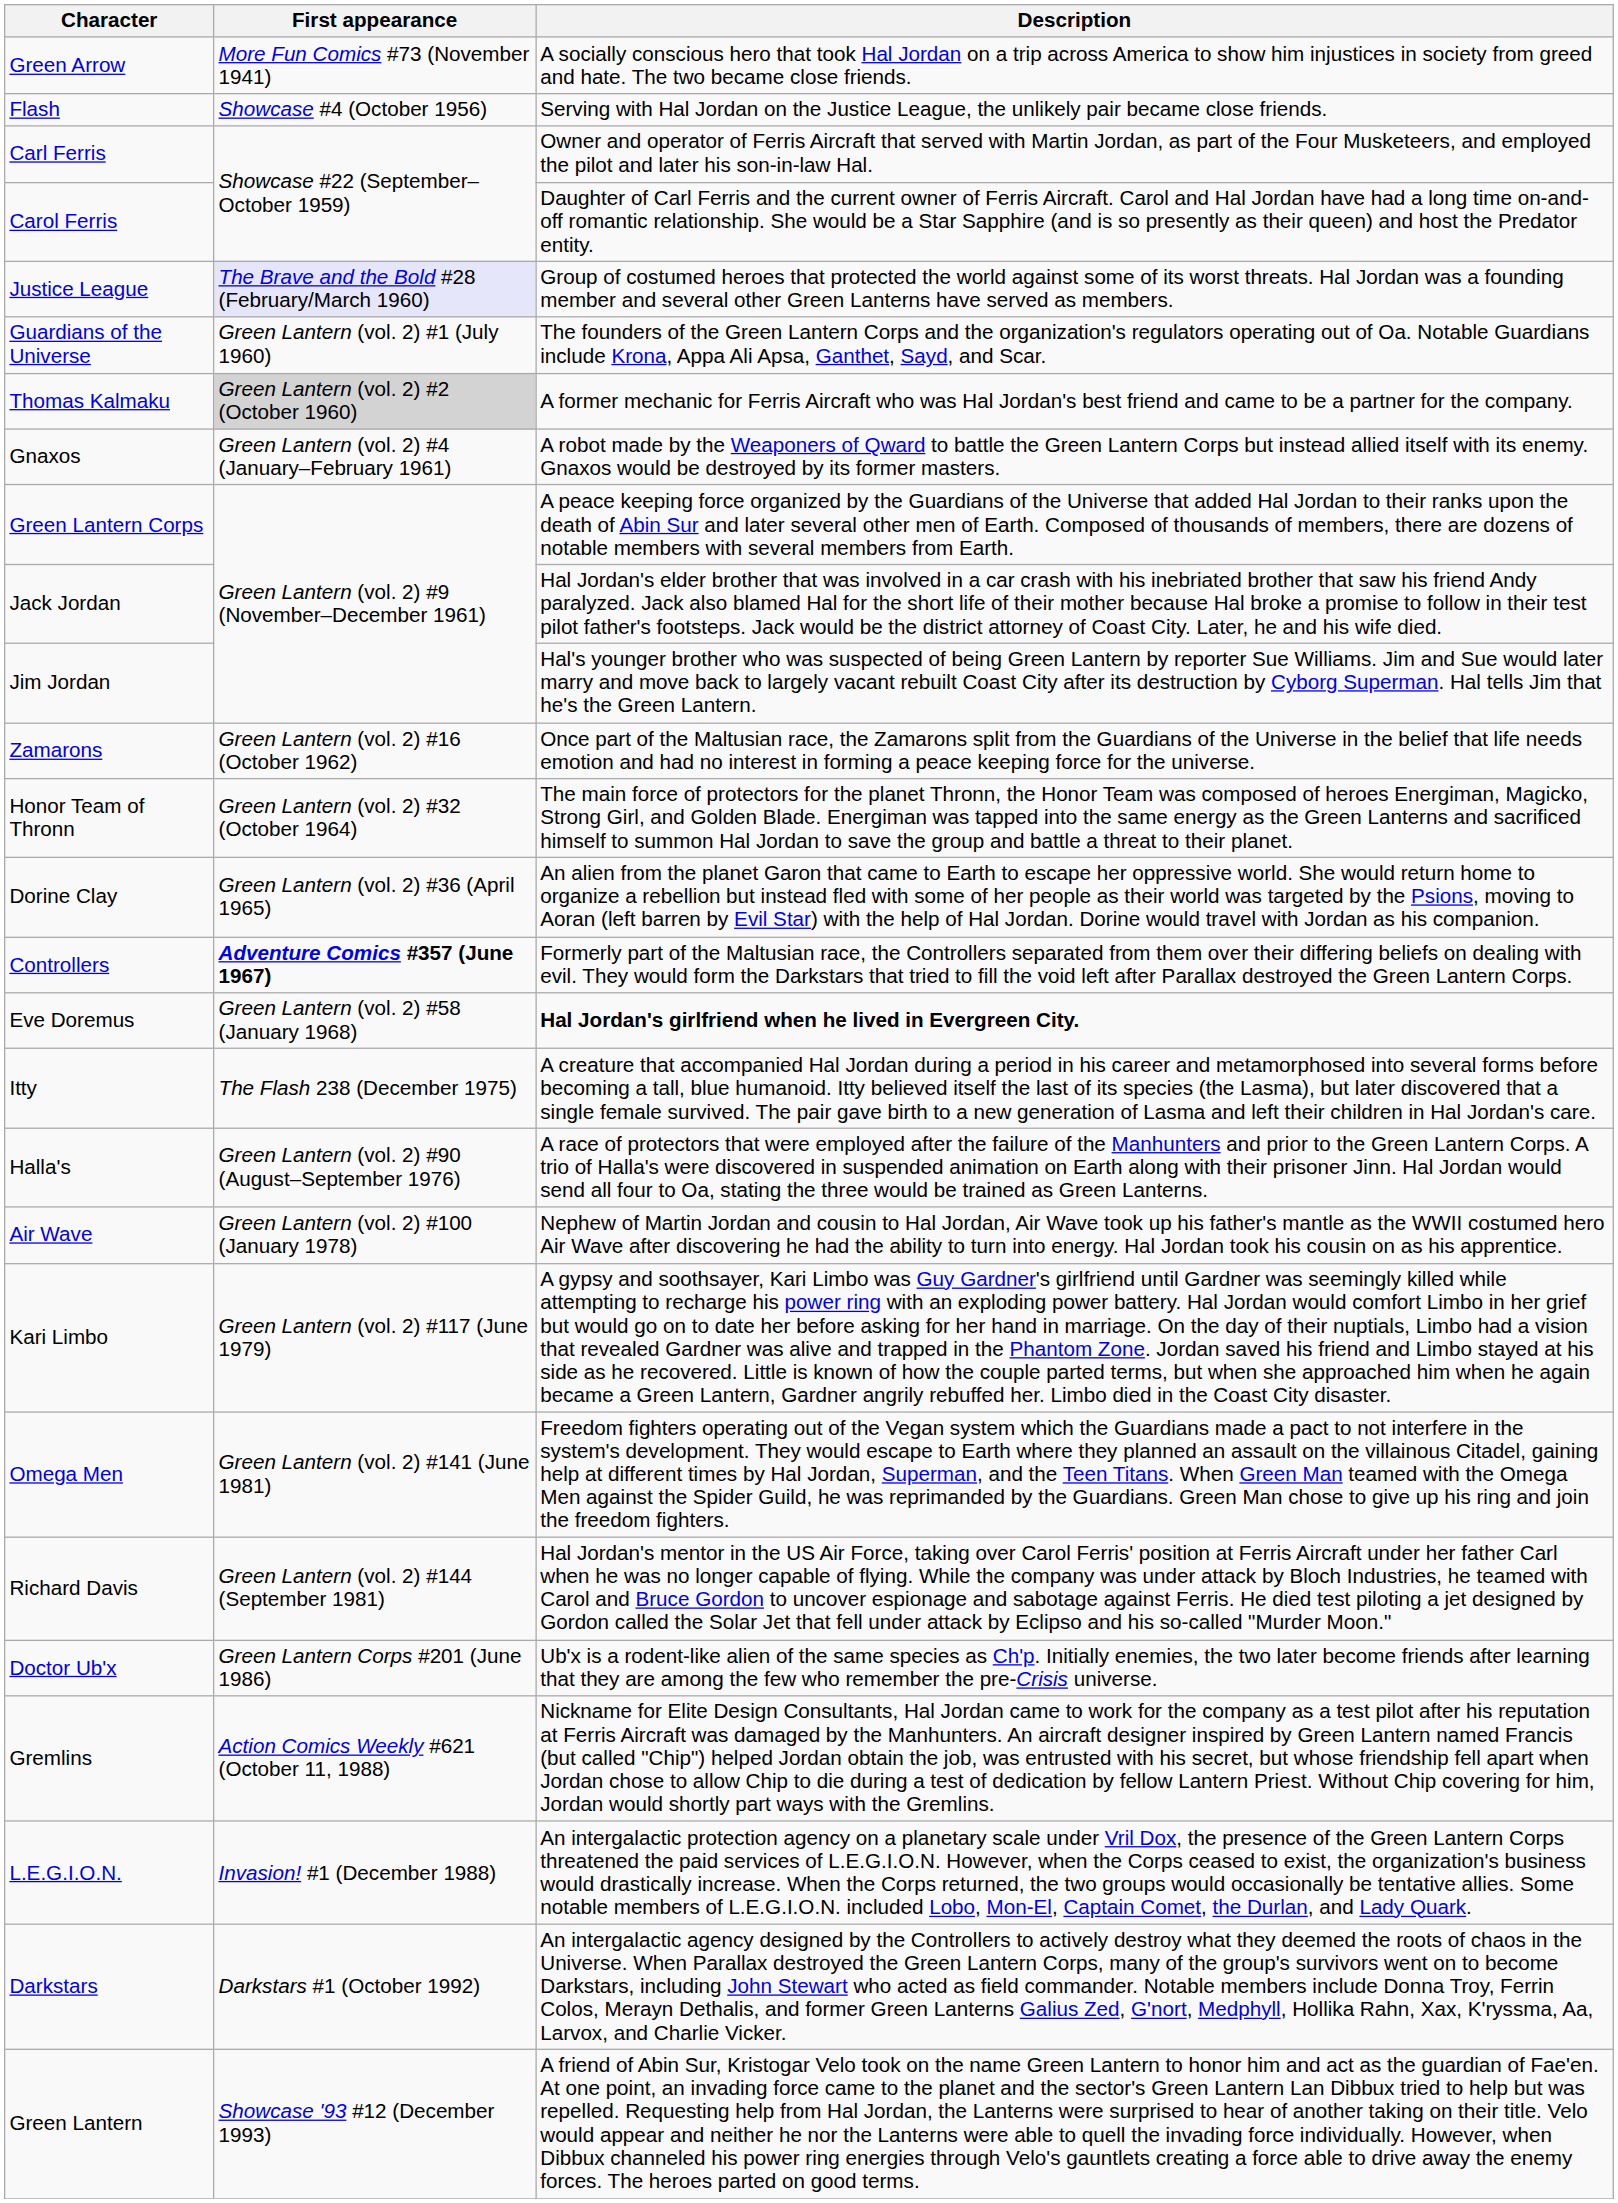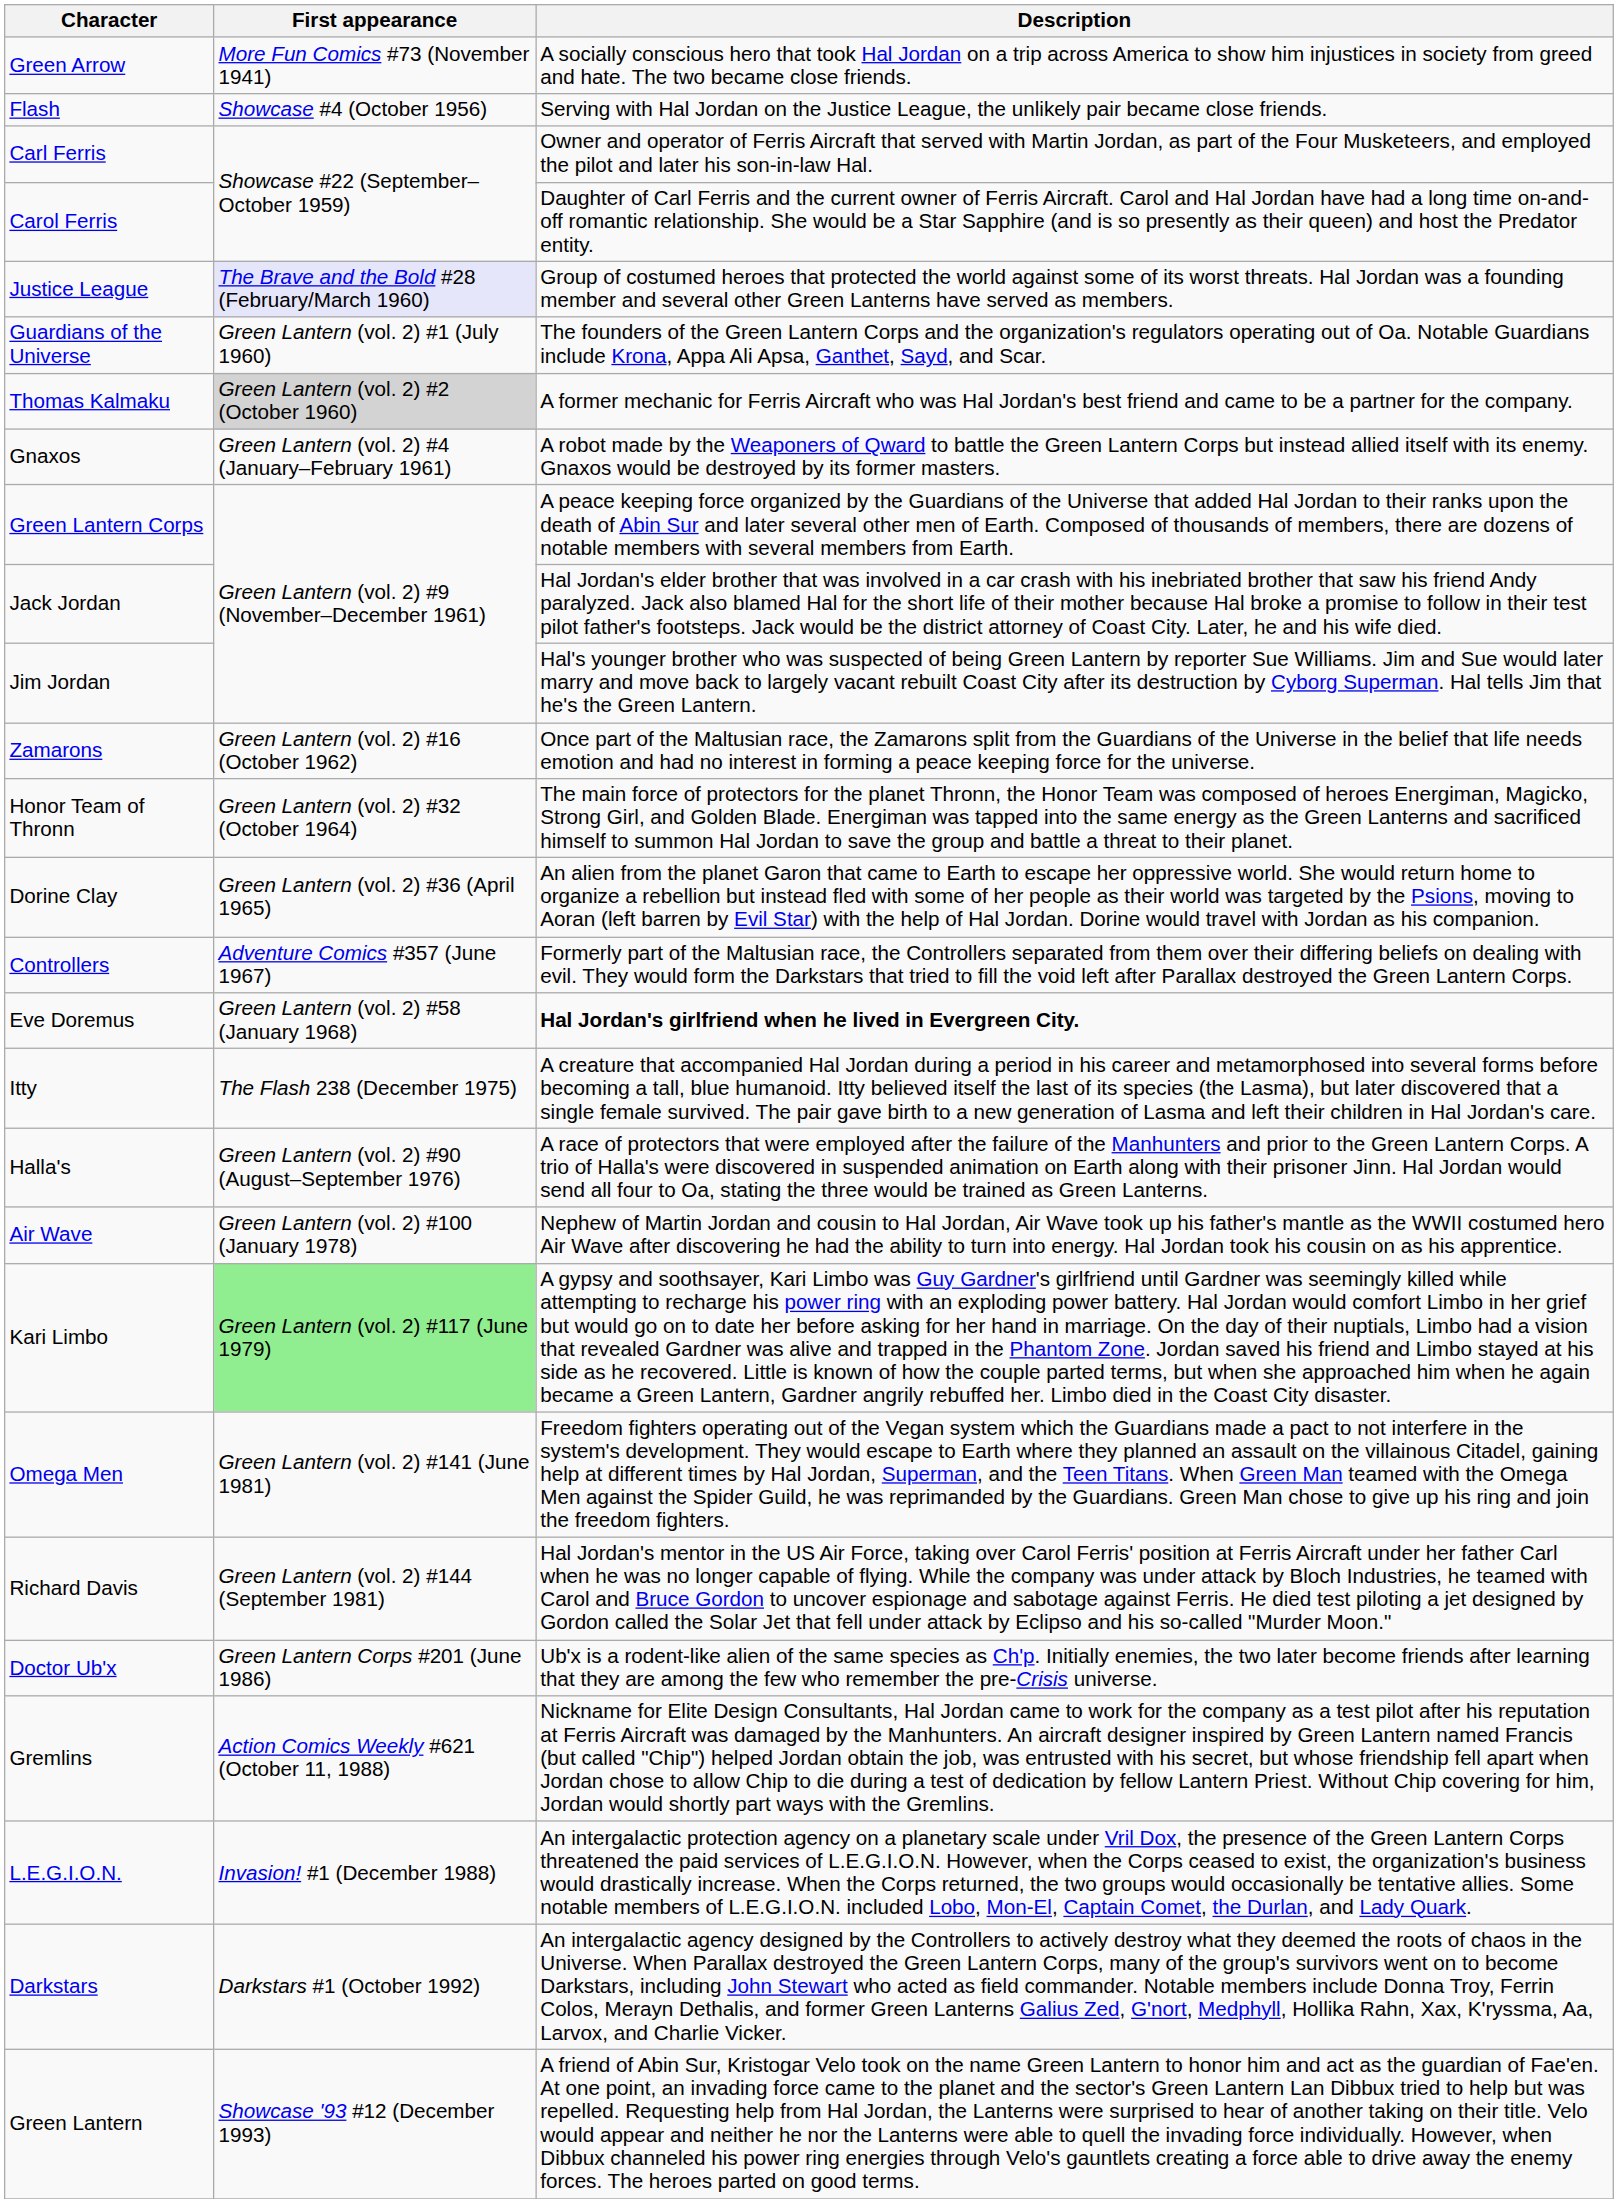 <table class="wikitable">
 <tr>
 <th width="13%">Character</th>
 <th width="20%">First appearance</th>
 <th width="67%">Description</th>
 </tr>
 <tr>
 <td><a href='#'>Green Arrow</a></td>
 <td><em><a href='#'>More Fun Comics</a></em> #73 (November 1941)</td>
 <td>A socially conscious hero that took <a href='#'>Hal Jordan</a> on a trip across America to show him injustices in society from greed and hate. The two became close friends.</td>
 </tr>
 <tr>
 <td><a href='#'>Flash</a></td>
 <td><em><a href='#'>Showcase</a></em> #4 (October 1956)</td>
 <td>Serving with Hal Jordan on the Justice League, the unlikely pair became close friends.</td>
 </tr>
 <tr>
 <td><a href='#'>Carl Ferris</a></td>
 <td rowspan="2"><em>Showcase</em> #22 (September–October 1959)</td>
 <td>Owner and operator of Ferris Aircraft that served with Martin Jordan, as part of the Four Musketeers, and employed the pilot and later his son-in-law Hal.</td>
 </tr>
 <tr>
 <td><a href='#'>Carol Ferris</a></td>
 <td>Daughter of Carl Ferris and the current owner of Ferris Aircraft. Carol and Hal Jordan have had a long time on-and-off romantic relationship. She would be a Star Sapphire (and is so presently as their queen) and host the Predator entity.</td>
 </tr>
 <tr>
 <td><a href='#'>Justice League</a></td>
 <td style="background: lavender;"><em><a href='#'>The Brave and the Bold</a></em> #28 (February/March 1960)</td>
 <td>Group of costumed heroes that protected the world against some of its worst threats. Hal Jordan was a founding member and several other Green Lanterns have served as members.</td>
 </tr>
 <tr>
 <td><a href='#'>Guardians of the Universe</a></td>
 <td><em>Green Lantern</em> (vol. 2) #1 (July 1960)</td>
 <td>The founders of the Green Lantern Corps and the organization's regulators operating out of Oa. Notable Guardians include <a href='#'>Krona</a>, Appa Ali Apsa, <a href='#'>Ganthet</a>, <a href='#'>Sayd</a>, and Scar.</td>
 </tr>
 <tr>
 <td><a href='#'>Thomas Kalmaku</a></td>
 <td style="background: lightgrey;"><em>Green Lantern</em> (vol. 2) #2 (October 1960)</td>
 <td>A former mechanic for Ferris Aircraft who was Hal Jordan's best friend and came to be a partner for the company.</td>
 </tr>
 <tr>
 <td>Gnaxos</td>
 <td><em>Green Lantern</em> (vol. 2) #4 (January–February 1961)</td>
 <td>A robot made by the <a href='#'>Weaponers of Qward</a> to battle the Green Lantern Corps but instead allied itself with its enemy. Gnaxos would be destroyed by its former masters.</td>
 </tr>
 <tr>
 <td><a href='#'>Green Lantern Corps</a></td>
 <td rowspan="3"><em>Green Lantern</em> (vol. 2) #9 (November–December 1961)</td>
 <td>A peace keeping force organized by the Guardians of the Universe that added Hal Jordan to their ranks upon the death of <a href='#'>Abin Sur</a> and later several other men of Earth. Composed of thousands of members, there are dozens of notable members with several members from Earth.</td>
 </tr>
 <tr>
 <td>Jack Jordan</td>
 <td>Hal Jordan's elder brother that was involved in a car crash with his inebriated brother that saw his friend Andy paralyzed. Jack also blamed Hal for the short life of their mother because Hal broke a promise to follow in their test pilot father's footsteps. Jack would be the district attorney of Coast City. Later, he and his wife died.</td>
 </tr>
 <tr>
 <td>Jim Jordan</td>
 <td>Hal's younger brother who was suspected of being Green Lantern by reporter Sue Williams. Jim and Sue would later marry and move back to largely vacant rebuilt Coast City after its destruction by <a href='#'>Cyborg Superman</a>. Hal tells Jim that he's the Green Lantern.</td>
 </tr>
 <tr>
 <td><a href='#'>Zamarons</a></td>
 <td><em>Green Lantern</em> (vol. 2) #16 (October 1962)</td>
 <td>Once part of the Maltusian race, the Zamarons split from the Guardians of the Universe in the belief that life needs emotion and had no interest in forming a peace keeping force for the universe.</td>
 </tr>
 <tr>
 <td>Honor Team of Thronn</td>
 <td><em>Green Lantern</em> (vol. 2) #32 (October 1964)</td>
 <td>The main force of protectors for the planet Thronn, the Honor Team was composed of heroes Energiman, Magicko, Strong Girl, and Golden Blade. Energiman was tapped into the same energy as the Green Lanterns and sacrificed himself to summon Hal Jordan to save the group and battle a threat to their planet.</td>
 </tr>
 <tr>
 <td>Dorine Clay</td>
 <td><em>Green Lantern</em> (vol. 2) #36 (April 1965)</td>
 <td>An alien from the planet Garon that came to Earth to escape her oppressive world. She would return home to organize a rebellion but instead fled with some of her people as their world was targeted by the <a href='#'>Psions</a>, moving to Aoran (left barren by <a href='#'>Evil Star</a>) with the help of Hal Jordan. Dorine would travel with Jordan as his companion.</td>
 </tr>
 <tr>
 <td><a href='#'>Controllers</a></td>
-<td><strong><em><a href='#'>Adventure Comics</a></em> #357 (June 1967)</strong></td>
+<td><em><a href='#'>Adventure Comics</a></em> #357 (June 1967)</td>
 <td>Formerly part of the Maltusian race, the Controllers separated from them over their differing beliefs on dealing with evil. They would form the Darkstars that tried to fill the void left after Parallax destroyed the Green Lantern Corps.</td>
 </tr>
 <tr>
 <td>Eve Doremus</td>
 <td><em>Green Lantern</em> (vol. 2) #58 (January 1968)</td>
 <td><strong>Hal Jordan's girlfriend when he lived in Evergreen City.</strong></td>
 </tr>
 <tr>
 <td>Itty</td>
 <td><em>The Flash</em> 238 (December 1975)</td>
 <td>A creature that accompanied Hal Jordan during a period in his career and metamorphosed into several forms before becoming a tall, blue humanoid. Itty believed itself the last of its species (the Lasma), but later discovered that a single female survived. The pair gave birth to a new generation of Lasma and left their children in Hal Jordan's care.</td>
 </tr>
 <tr>
 <td>Halla's</td>
 <td><em>Green Lantern</em> (vol. 2) #90 (August–September 1976)</td>
 <td>A race of protectors that were employed after the failure of the <a href='#'>Manhunters</a> and prior to the Green Lantern Corps. A trio of Halla's were discovered in suspended animation on Earth along with their prisoner Jinn. Hal Jordan would send all four to Oa, stating the three would be trained as Green Lanterns.</td>
 </tr>
 <tr>
 <td><a href='#'>Air Wave</a></td>
 <td><em>Green Lantern</em> (vol. 2) #100 (January 1978)</td>
 <td>Nephew of Martin Jordan and cousin to Hal Jordan, Air Wave took up his father's mantle as the WWII costumed hero Air Wave after discovering he had the ability to turn into energy. Hal Jordan took his cousin on as his apprentice.</td>
 </tr>
 <tr>
 <td>Kari Limbo</td>
-<td><em>Green Lantern</em> (vol. 2) #117 (June 1979)</td>
+<td style="background: lightgreen;"><em>Green Lantern</em> (vol. 2) #117 (June 1979)</td>
 <td>A gypsy and soothsayer, Kari Limbo was <a href='#'>Guy Gardner</a>'s girlfriend until Gardner was seemingly killed while attempting to recharge his <a href='#'>power ring</a> with an exploding power battery. Hal Jordan would comfort Limbo in her grief but would go on to date her before asking for her hand in marriage. On the day of their nuptials, Limbo had a vision that revealed Gardner was alive and trapped in the <a href='#'>Phantom Zone</a>. Jordan saved his friend and Limbo stayed at his side as he recovered. Little is known of how the couple parted terms, but when she approached him when he again became a Green Lantern, Gardner angrily rebuffed her. Limbo died in the Coast City disaster.</td>
 </tr>
 <tr>
 <td><a href='#'>Omega Men</a></td>
 <td><em>Green Lantern</em> (vol. 2) #141 (June 1981)</td>
 <td>Freedom fighters operating out of the Vegan system which the Guardians made a pact to not interfere in the system's development. They would escape to Earth where they planned an assault on the villainous Citadel, gaining help at different times by Hal Jordan, <a href='#'>Superman</a>, and the <a href='#'>Teen Titans</a>. When <a href='#'>Green Man</a> teamed with the Omega Men against the Spider Guild, he was reprimanded by the Guardians. Green Man chose to give up his ring and join the freedom fighters.</td>
 </tr>
 <tr>
 <td>Richard Davis</td>
 <td><em>Green Lantern</em> (vol. 2) #144 (September 1981)</td>
 <td>Hal Jordan's mentor in the US Air Force, taking over Carol Ferris' position at Ferris Aircraft under her father Carl when he was no longer capable of flying. While the company was under attack by Bloch Industries, he teamed with Carol and <a href='#'>Bruce Gordon</a> to uncover espionage and sabotage against Ferris. He died test piloting a jet designed by Gordon called the Solar Jet that fell under attack by Eclipso and his so-called "Murder Moon."</td>
 </tr>
 <tr>
 <td><a href='#'>Doctor Ub'x</a></td>
 <td><em>Green Lantern Corps</em> #201 (June 1986)</td>
 <td>Ub'x is a rodent-like alien of the same species as <a href='#'>Ch'p</a>. Initially enemies, the two later become friends after learning that they are among the few who remember the pre-<em><a href='#'>Crisis</a></em> universe.</td>
 </tr>
 <tr>
 <td>Gremlins</td>
 <td><em><a href='#'>Action Comics Weekly</a></em> #621 (October 11, 1988)</td>
 <td>Nickname for Elite Design Consultants, Hal Jordan came to work for the company as a test pilot after his reputation at Ferris Aircraft was damaged by the Manhunters. An aircraft designer inspired by Green Lantern named Francis (but called "Chip") helped Jordan obtain the job, was entrusted with his secret, but whose friendship fell apart when Jordan chose to allow Chip to die during a test of dedication by fellow Lantern Priest. Without Chip covering for him, Jordan would shortly part ways with the Gremlins.</td>
 </tr>
 <tr>
 <td><a href='#'>L.E.G.I.O.N.</a></td>
 <td><em><a href='#'>Invasion!</a></em> #1 (December 1988)</td>
 <td>An intergalactic protection agency on a planetary scale under <a href='#'>Vril Dox</a>, the presence of the Green Lantern Corps threatened the paid services of L.E.G.I.O.N. However, when the Corps ceased to exist, the organization's business would drastically increase. When the Corps returned, the two groups would occasionally be tentative allies. Some notable members of L.E.G.I.O.N. included <a href='#'>Lobo</a>, <a href='#'>Mon-El</a>, <a href='#'>Captain Comet</a>, <a href='#'>the Durlan</a>, and <a href='#'>Lady Quark</a>.</td>
 </tr>
 <tr>
 <td><a href='#'>Darkstars</a></td>
 <td><em>Darkstars</em> #1 (October 1992)</td>
 <td>An intergalactic agency designed by the Controllers to actively destroy what they deemed the roots of chaos in the Universe. When Parallax destroyed the Green Lantern Corps, many of the group's survivors went on to become Darkstars, including <a href='#'>John Stewart</a> who acted as field commander. Notable members include Donna Troy, Ferrin Colos, Merayn Dethalis, and former Green Lanterns <a href='#'>Galius Zed</a>, <a href='#'>G'nort</a>, <a href='#'>Medphyll</a>, Hollika Rahn, Xax, K'ryssma, Aa, Larvox, and Charlie Vicker.</td>
 </tr>
 <tr>
 <td>Green Lantern</td>
 <td><em><a href='#'>Showcase '93</a></em> #12 (December 1993)</td>
 <td>A friend of Abin Sur, Kristogar Velo took on the name Green Lantern to honor him and act as the guardian of Fae'en. At one point, an invading force came to the planet and the sector's Green Lantern Lan Dibbux tried to help but was repelled. Requesting help from Hal Jordan, the Lanterns were surprised to hear of another taking on their title. Velo would appear and neither he nor the Lanterns were able to quell the invading force individually. However, when Dibbux channeled his power ring energies through Velo's gauntlets creating a force able to drive away the enemy forces. The heroes parted on good terms.</td>
 </tr>
 </table>
